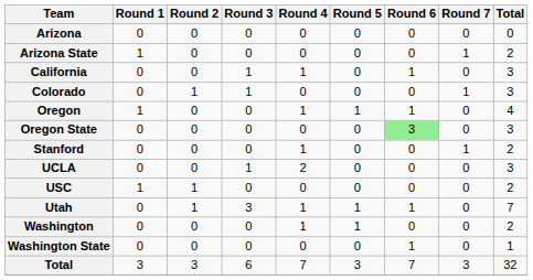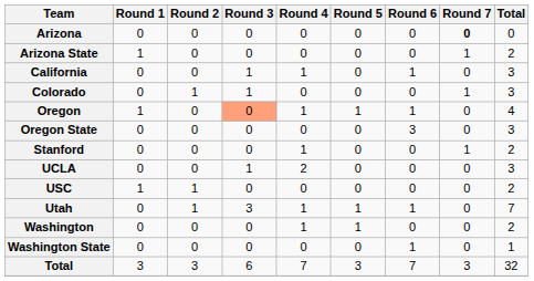 <table class="wikitable sortable" style="text-align: center;">
 <tr>
 <th>Team</th>
 <th>Round 1</th>
 <th>Round 2</th>
 <th>Round 3</th>
 <th>Round 4</th>
 <th>Round 5</th>
 <th>Round 6</th>
 <th>Round 7</th>
 <th>Total</th>
 </tr>
 <tr>
 <th style=>Arizona</th>
 <td>0</td>
 <td>0</td>
 <td>0</td>
 <td>0</td>
 <td>0</td>
 <td>0</td>
-<td>0</td>
+<td><strong>0</strong></td>
 <td>0</td>
 </tr>
 <tr>
 <th style=>Arizona State</th>
 <td>1</td>
 <td>0</td>
 <td>0</td>
 <td>0</td>
 <td>0</td>
 <td>0</td>
 <td>1</td>
 <td>2</td>
 </tr>
 <tr>
 <th style=>California</th>
 <td>0</td>
 <td>0</td>
 <td>1</td>
 <td>1</td>
 <td>0</td>
 <td>1</td>
 <td>0</td>
 <td>3</td>
 </tr>
 <tr>
 <th style=>Colorado</th>
 <td>0</td>
 <td>1</td>
 <td>1</td>
 <td>0</td>
 <td>0</td>
 <td>0</td>
 <td>1</td>
 <td>3</td>
 </tr>
 <tr>
 <th style=>Oregon</th>
 <td>1</td>
 <td>0</td>
-<td>0</td>
+<td style="background: lightsalmon;">0</td>
 <td>1</td>
 <td>1</td>
 <td>1</td>
 <td>0</td>
 <td>4</td>
 </tr>
 <tr>
 <th style=>Oregon State</th>
 <td>0</td>
 <td>0</td>
 <td>0</td>
 <td>0</td>
 <td>0</td>
-<td style="background: lightgreen;">3</td>
+<td>3</td>
 <td>0</td>
 <td>3</td>
 </tr>
 <tr>
 <th style=>Stanford</th>
 <td>0</td>
 <td>0</td>
 <td>0</td>
 <td>1</td>
 <td>0</td>
 <td>0</td>
 <td>1</td>
 <td>2</td>
 </tr>
 <tr>
 <th style=>UCLA</th>
 <td>0</td>
 <td>0</td>
 <td>1</td>
 <td>2</td>
 <td>0</td>
 <td>0</td>
 <td>0</td>
 <td>3</td>
 </tr>
 <tr>
 <th style=>USC</th>
 <td>1</td>
 <td>1</td>
 <td>0</td>
 <td>0</td>
 <td>0</td>
 <td>0</td>
 <td>0</td>
 <td>2</td>
 </tr>
 <tr>
 <th style=>Utah</th>
 <td>0</td>
 <td>1</td>
 <td>3</td>
 <td>1</td>
 <td>1</td>
 <td>1</td>
 <td>0</td>
 <td>7</td>
 </tr>
 <tr>
 <th style=>Washington</th>
 <td>0</td>
 <td>0</td>
 <td>0</td>
 <td>1</td>
 <td>1</td>
 <td>0</td>
 <td>0</td>
 <td>2</td>
 </tr>
 <tr>
 <th style=>Washington State</th>
 <td>0</td>
 <td>0</td>
 <td>0</td>
 <td>0</td>
 <td>0</td>
 <td>1</td>
 <td>0</td>
 <td>1</td>
 </tr>
 <tr>
 <th>Total</th>
 <td>3</td>
 <td>3</td>
 <td>6</td>
 <td>7</td>
 <td>3</td>
 <td>7</td>
 <td>3</td>
 <td>32</td>
 </tr>
 <tr>
 </tr>
 </table>
